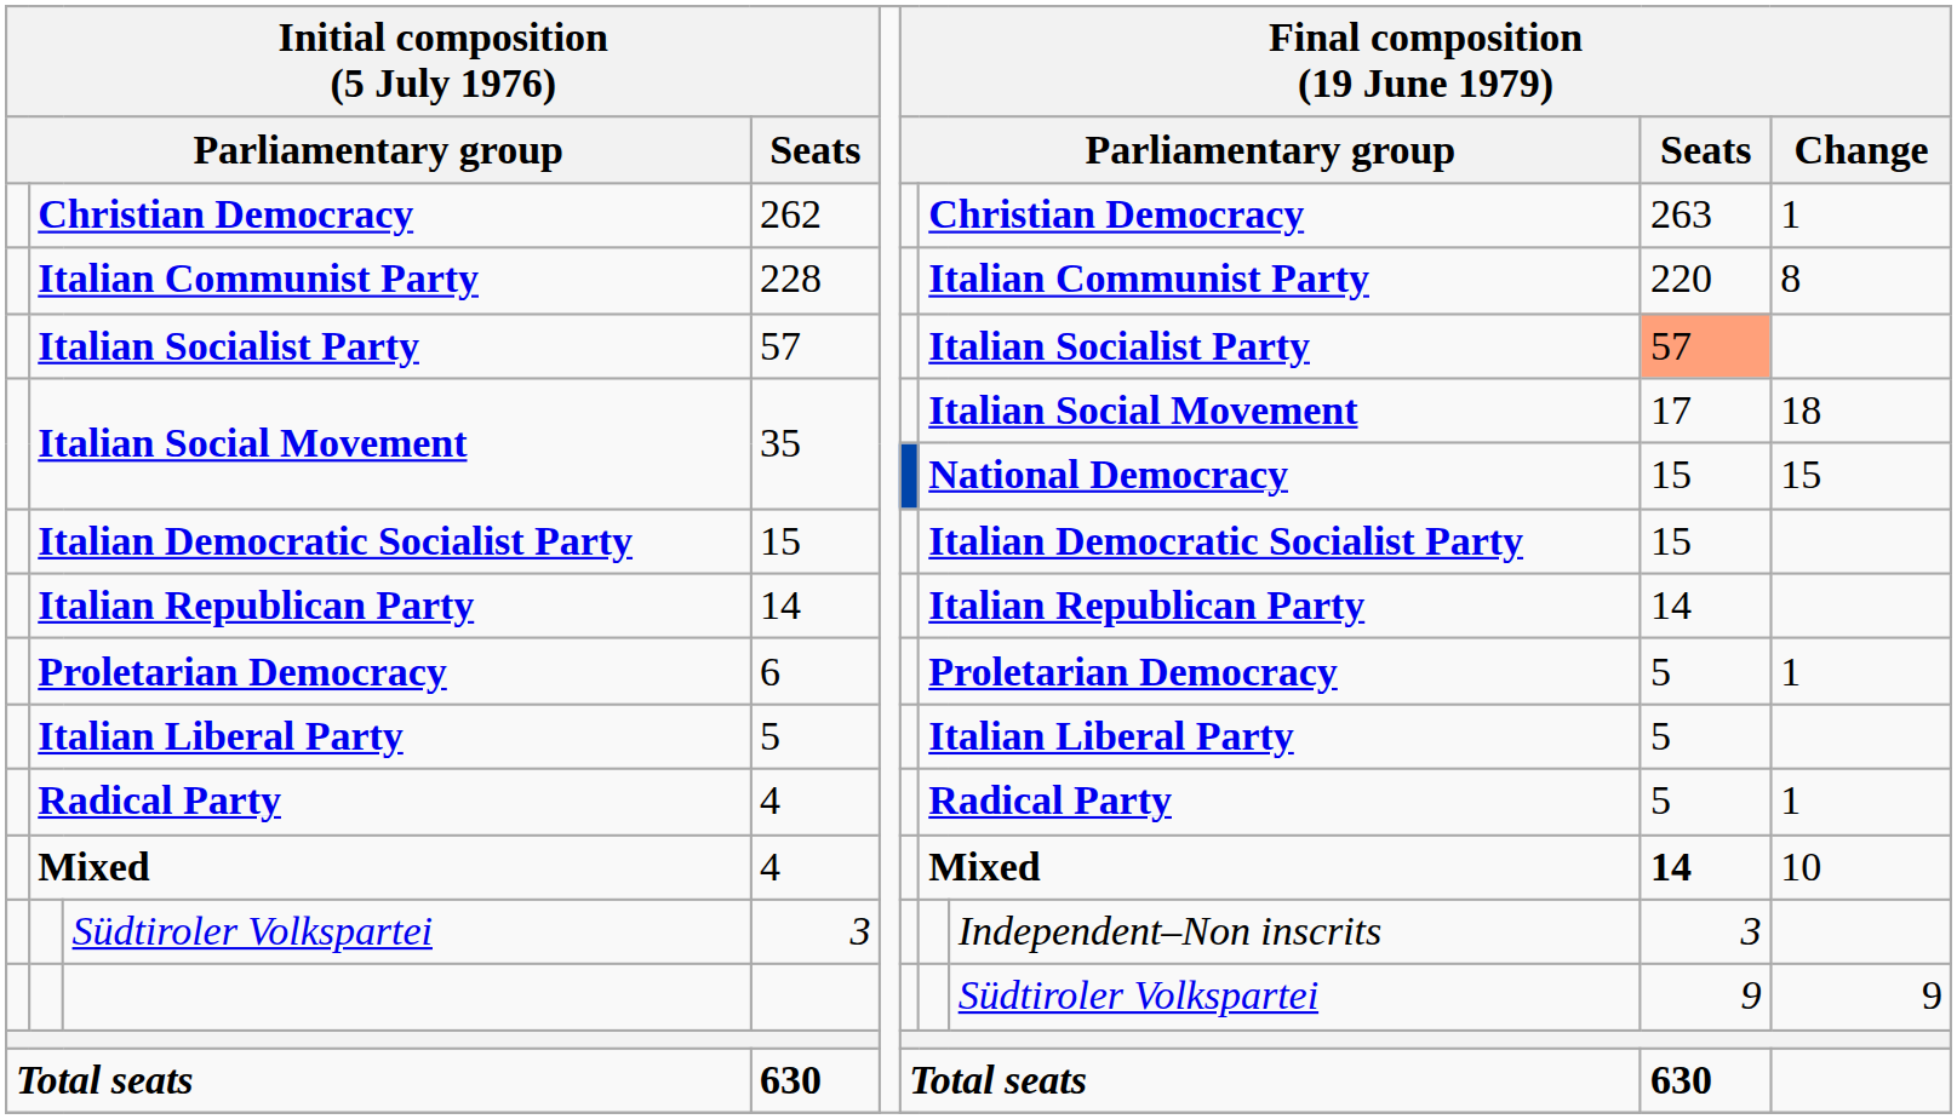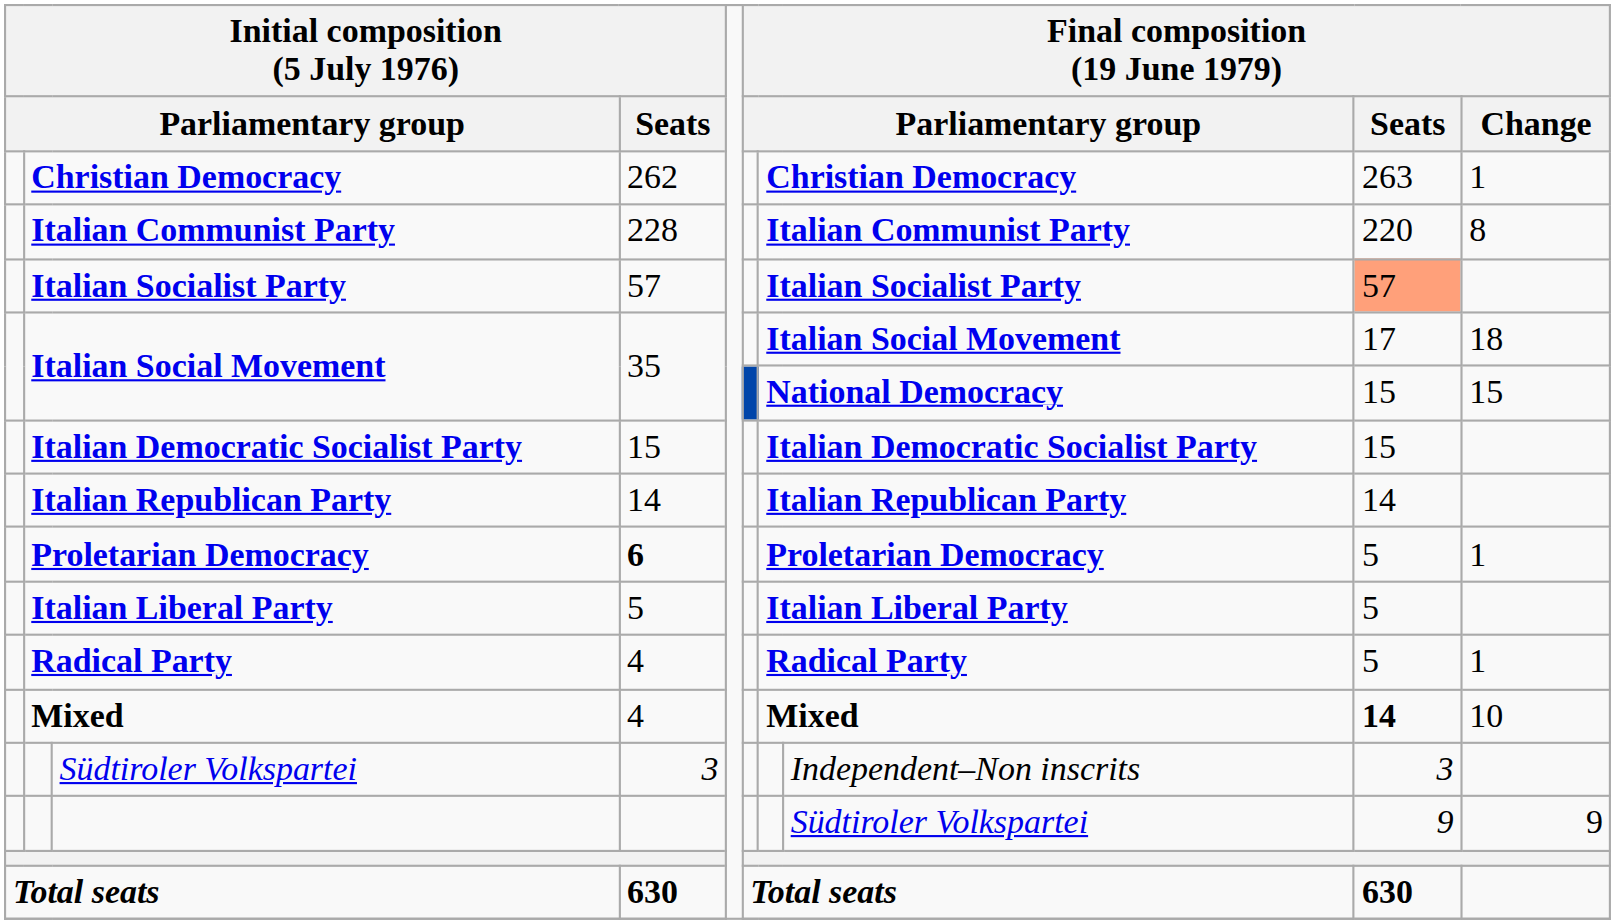 <table class="wikitable" style="width : 60%;">
 <tr>
 <th colspan="4">Initial composition<br>(5 July 1976)</th>
 <td rowspan="30" style="width : 1%;"></td>
 <th colspan="5">Final composition<br>(19 June 1979)</th>
 </tr>
 <tr>
 <th colspan="3">Parliamentary group</th>
 <th>Seats</th>
 <th colspan="3">Parliamentary group</th>
 <th>Seats</th>
 <th>Change</th>
 </tr>
 <tr>
 <td></td>
 <td colspan = "2"><strong><a href='#'>Christian Democracy</a></strong></td>
 <td>262</td>
 <td></td>
 <td colspan = "2"><strong><a href='#'>Christian Democracy</a></strong></td>
 <td>263</td>
 <td> 1</td>
 </tr>
 <tr>
 <td></td>
 <td colspan = "2"><strong><a href='#'>Italian Communist Party</a></strong></td>
 <td>228</td>
 <td></td>
 <td colspan = "2"><strong><a href='#'>Italian Communist Party</a></strong></td>
 <td>220</td>
 <td> 8</td>
 </tr>
 <tr>
 <td></td>
 <td colspan = "2"><strong><a href='#'>Italian Socialist Party</a></strong></td>
 <td>57</td>
 <td></td>
 <td colspan = "2"><strong><a href='#'>Italian Socialist Party</a></strong></td>
 <td style="background: lightsalmon;">57</td>
 <td></td>
 </tr>
 <tr>
 <td rowspan=2></td>
 <td rowspan=2 colspan = "2"><strong><a href='#'>Italian Social Movement</a></strong></td>
 <td rowspan=2>35</td>
 <td></td>
 <td colspan = "2"><strong><a href='#'>Italian Social Movement</a></strong></td>
 <td>17</td>
 <td> 18</td>
 </tr>
 <tr>
 <td bgcolor="#0045AA" width=1%></td>
 <td colspan = "2"><strong><a href='#'>National Democracy</a></strong></td>
 <td>15</td>
 <td> 15</td>
 </tr>
 <tr>
 <td></td>
 <td colspan = "2"><strong><a href='#'>Italian Democratic Socialist Party</a></strong></td>
 <td>15</td>
 <td></td>
 <td colspan = "2"><strong><a href='#'>Italian Democratic Socialist Party</a></strong></td>
 <td>15</td>
 <td></td>
 </tr>
 <tr>
 <td></td>
 <td colspan = "2"><strong><a href='#'>Italian Republican Party</a></strong></td>
 <td>14</td>
 <td></td>
 <td colspan = "2"><strong><a href='#'>Italian Republican Party</a></strong></td>
 <td>14</td>
 <td></td>
 </tr>
 <tr>
 <td></td>
 <td colspan = "2"><strong><a href='#'>Proletarian Democracy</a></strong></td>
-<td>6</td>
+<td><strong>6</strong></td>
 <td></td>
 <td colspan = "2"><strong><a href='#'>Proletarian Democracy</a></strong></td>
 <td>5</td>
 <td> 1</td>
 </tr>
 <tr>
 <td></td>
 <td colspan = "2"><strong><a href='#'>Italian Liberal Party</a></strong></td>
 <td>5</td>
 <td></td>
 <td colspan = "2"><strong><a href='#'>Italian Liberal Party</a></strong></td>
 <td>5</td>
 <td></td>
 </tr>
 <tr>
 <td></td>
 <td colspan = "2"><strong><a href='#'>Radical Party</a></strong></td>
 <td>4</td>
 <td></td>
 <td colspan = "2"><strong><a href='#'>Radical Party</a></strong></td>
 <td>5</td>
 <td> 1</td>
 </tr>
 <tr>
 <td></td>
 <td colspan = "2"><strong>Mixed</strong></td>
 <td>4</td>
 <td></td>
 <td colspan = "2"><strong>Mixed</strong></td>
 <td><strong>14</strong></td>
 <td> 10</td>
 </tr>
 <tr>
 <td></td>
 <td></td>
 <td><em><a href='#'>Südtiroler Volkspartei</a></em></td>
 <td align="right"><em>3</em></td>
 <td></td>
 <td></td>
 <td><em>Independent–Non inscrits</em></td>
 <td align="right"><em>3</em></td>
 <td align="right"></td>
 </tr>
 <tr>
 <td></td>
 <td></td>
 <td></td>
 <td></td>
 <td></td>
 <td></td>
 <td><em><a href='#'>Südtiroler Volkspartei</a></em></td>
 <td align="right"><em>9</em></td>
 <td align="right"> 9</td>
 </tr>
 <tr>
 <th colspan="4"></th>
 <th colspan="5"></th>
 </tr>
 <tr>
 <td colspan="3"><strong><em>Total seats</em></strong></td>
 <td><strong>630</strong></td>
 <td colspan="3"><strong><em>Total seats</em></strong></td>
 <td><strong>630</strong></td>
 <td></td>
 </tr>
 <tr>
 </tr>
 </table>
